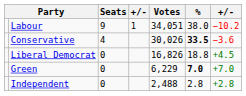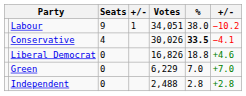 <table class="wikitable">
 <tr>
 <th colspan="2">Party</th>
 <th>Seats</th>
 <th>+/-</th>
 <th>Votes</th>
 <th>%</th>
 <th>+/-</th>
 </tr>
 <tr>
 <td style="background-color: "></td>
 <td><a href='#'>Labour</a></td>
 <td>9</td>
 <td> 1</td>
 <td>34,051</td>
 <td>38.0</td>
 <td style="color:red">−10.2</td>
 </tr>
 <tr>
 <td style="background-color: "></td>
 <td><a href='#'>Conservative</a></td>
 <td>4</td>
 <td></td>
 <td>30,026</td>
 <td><strong>33.5</strong></td>
-<td style="color:red">−3.6</td>
+<td style="color:red">−4.1</td>
 </tr>
 <tr>
 <td style="background-color: "></td>
 <td><a href='#'>Liberal Democrat</a></td>
 <td>0</td>
 <td></td>
 <td>16,826</td>
 <td>18.8</td>
-<td style="color:green">+4.5</td>
+<td style="color:green">+4.6</td>
 </tr>
 <tr>
 <td style="background-color: "></td>
 <td><a href='#'>Green</a></td>
 <td>0</td>
 <td></td>
 <td>6,229</td>
-<td><strong>7.0</strong></td>
+<td>7.0</td>
 <td style="color:green">+7.0</td>
 </tr>
 <tr>
 <td style="background-color: "></td>
 <td><a href='#'>Independent</a></td>
 <td>0</td>
 <td></td>
 <td>2,488</td>
 <td>2.8</td>
 <td style="color:green">+2.8</td>
 </tr>
 </table>
